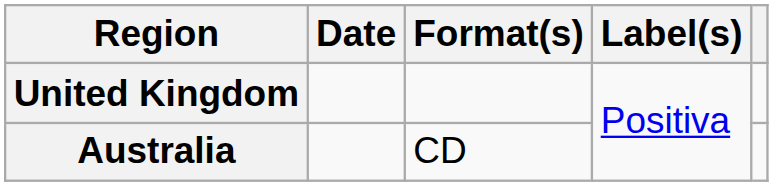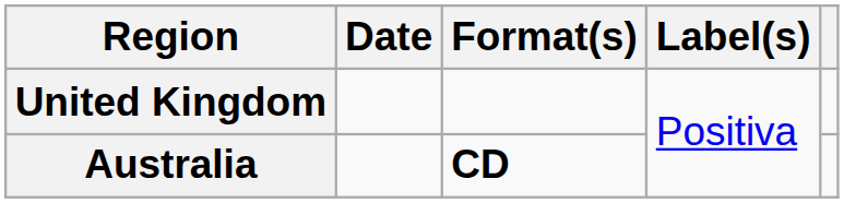 <table class="wikitable plainrowheaders" style="text-align:left">
 <tr>
 <th scope="col">Region</th>
 <th scope="col">Date</th>
 <th scope="col">Format(s)</th>
 <th scope="col">Label(s)</th>
 <th scope="col"></th>
 </tr>
 <tr>
 <th scope="row">United Kingdom</th>
 <td></td>
 <td></td>
 <td rowspan="2"><a href='#'>Positiva</a></td>
 <td></td>
 </tr>
 <tr>
 <th scope="row">Australia</th>
 <td></td>
-<td>CD</td>
+<td><strong>CD</strong></td>
 <td></td>
 </tr>
 </table>
